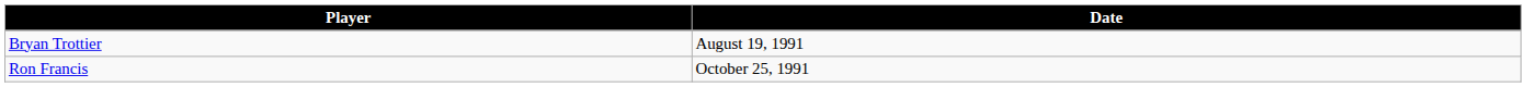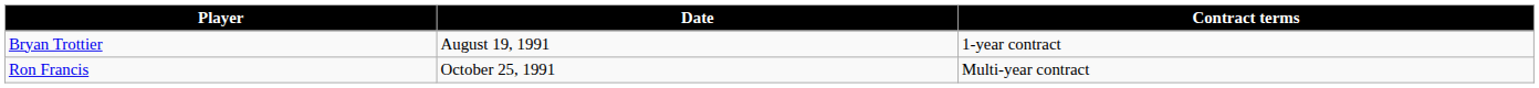 <table class="wikitable" style="width:75%;">
 <tr style="text-align:center; background:#ddd;">
 <th style="color:white; background:#000000; ">Player</th>
 <th style="color:white; background:#000000; ">Date</th>
+<th style="color:white; background:#000000; ">Contract terms</th>
 </tr>
 <tr>
 <td><a href='#'>Bryan Trottier</a></td>
 <td>August 19, 1991</td>
+<td>1-year contract</td>
 </tr>
 <tr>
 <td><a href='#'>Ron Francis</a></td>
 <td>October 25, 1991</td>
+<td>Multi-year contract</td>
 </tr>
 </table>
